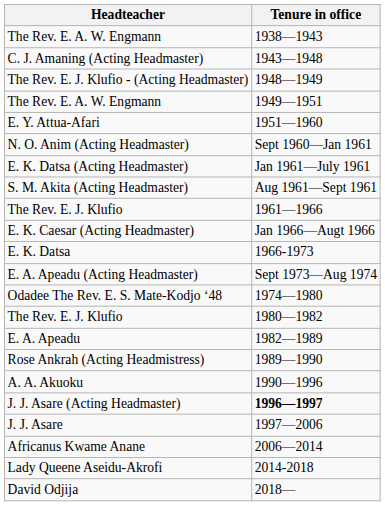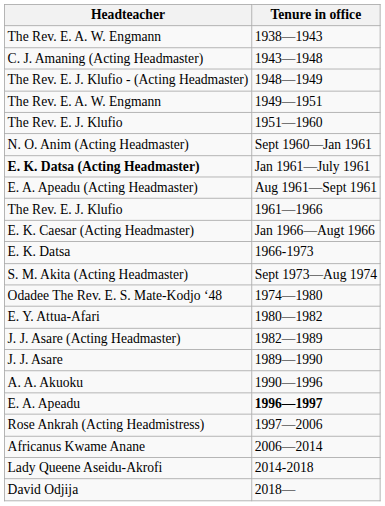 <table class="wikitable">
 <tr>
 <th>Headteacher</th>
 <th>Tenure in office</th>
 </tr>
 <tr>
 <td>The Rev. E. A. W. Engmann</td>
 <td>1938—1943</td>
 </tr>
 <tr>
 <td>C. J. Amaning (Acting Headmaster)</td>
 <td>1943—1948</td>
 </tr>
 <tr>
 <td>The Rev. E. J. Klufio - (Acting Headmaster)</td>
 <td>1948—1949</td>
 </tr>
 <tr>
 <td>The Rev. E. A. W. Engmann</td>
 <td>1949—1951</td>
 </tr>
 <tr>
-<td>E. Y. Attua-Afari</td>
+<td>The Rev. E. J. Klufio</td>
 <td>1951—1960</td>
 </tr>
 <tr>
 <td>N. O. Anim (Acting Headmaster)</td>
 <td>Sept 1960—Jan 1961</td>
 </tr>
 <tr>
-<td>E. K. Datsa (Acting Headmaster)</td>
+<td><strong>E. K. Datsa (Acting Headmaster)</strong></td>
 <td>Jan 1961—July 1961</td>
 </tr>
 <tr>
-<td>S. M. Akita (Acting Headmaster)</td>
+<td>E. A. Apeadu (Acting Headmaster)</td>
 <td>Aug 1961—Sept 1961</td>
 </tr>
 <tr>
 <td>The Rev. E. J. Klufio</td>
 <td>1961—1966</td>
 </tr>
 <tr>
 <td>E. K. Caesar (Acting Headmaster)</td>
 <td>Jan 1966—Augt 1966</td>
 </tr>
 <tr>
 <td>E. K. Datsa</td>
 <td>1966-1973</td>
 </tr>
 <tr>
-<td>E. A. Apeadu (Acting Headmaster)</td>
+<td>S. M. Akita (Acting Headmaster)</td>
 <td>Sept 1973—Aug 1974</td>
 </tr>
 <tr>
 <td>Odadee The Rev. E. S. Mate-Kodjo ‘48</td>
 <td>1974—1980</td>
 </tr>
 <tr>
-<td>The Rev. E. J. Klufio</td>
+<td>E. Y. Attua-Afari</td>
 <td>1980—1982</td>
 </tr>
 <tr>
-<td>E. A. Apeadu</td>
+<td>J. J. Asare (Acting Headmaster)</td>
 <td>1982—1989</td>
 </tr>
 <tr>
-<td>Rose Ankrah (Acting Headmistress)</td>
+<td>J. J. Asare</td>
 <td>1989—1990</td>
 </tr>
 <tr>
 <td>A. A. Akuoku</td>
 <td>1990—1996</td>
 </tr>
 <tr>
-<td>J. J. Asare (Acting Headmaster)</td>
+<td>E. A. Apeadu</td>
 <td><strong>1996—1997</strong></td>
 </tr>
 <tr>
-<td>J. J. Asare</td>
+<td>Rose Ankrah (Acting Headmistress)</td>
 <td>1997—2006</td>
 </tr>
 <tr>
 <td>Africanus Kwame Anane</td>
 <td>2006—2014</td>
 </tr>
 <tr>
 <td>Lady Queene Aseidu-Akrofi</td>
 <td>2014-2018</td>
 </tr>
 <tr>
 <td>David Odjija</td>
 <td>2018—</td>
 </tr>
 </table>
